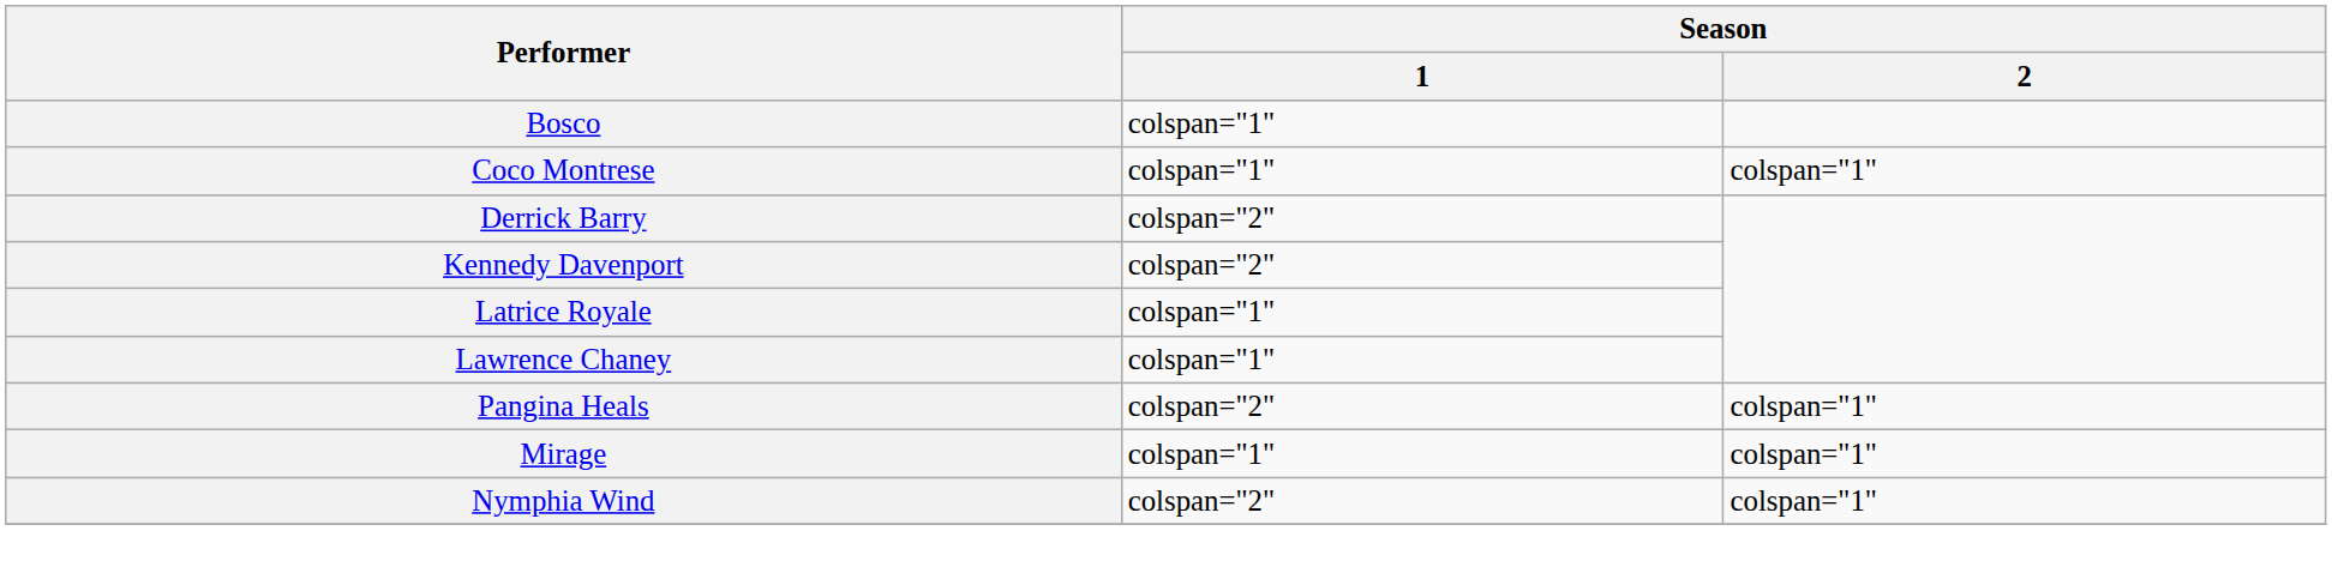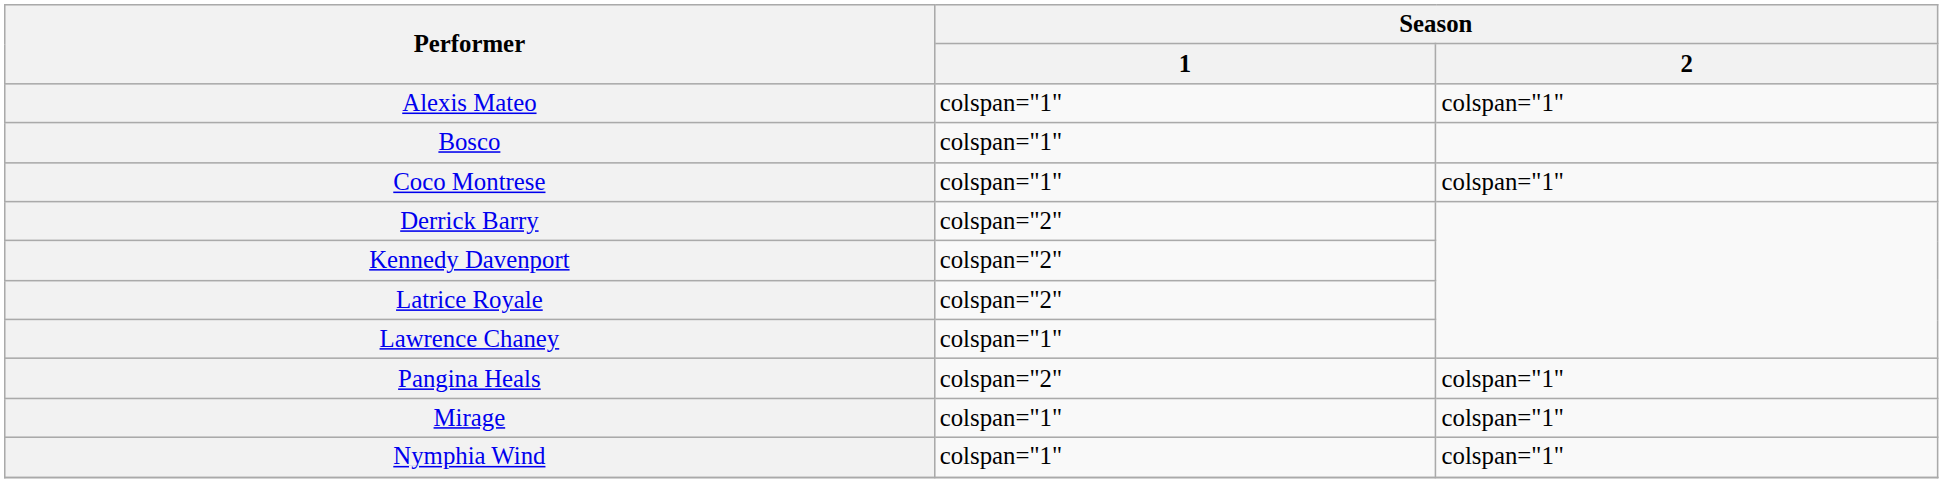 <table class="wikitable style="text-align:center; font-size:85%; width:100%">
 <tr>
 <th rowspan="2" scope="col" style="width:10%;">Performer</th>
 <th colspan="2" scope="col" style="width:10%;">Season</th>
 </tr>
 <tr>
 <th>1</th>
 <th>2</th>
+</tr>
+<tr>
+<th style="font-weight:normal"><a href='#'>Alexis Mateo</a></th>
+<td>colspan="1" </td>
+<td>colspan="1" </td>
 </tr>
 <tr>
 <th style="font-weight:normal"><a href='#'>Bosco</a></th>
 <td>colspan="1" </td>
 </tr>
 <tr>
 <th style="font-weight:normal"><a href='#'>Coco Montrese</a></th>
 <td>colspan="1" </td>
 <td>colspan="1" </td>
 </tr>
 <tr>
 <th style="font-weight:normal"><a href='#'>Derrick Barry</a></th>
 <td>colspan="2" </td>
 </tr>
 <tr>
 <th style="font-weight:normal"><a href='#'>Kennedy Davenport</a></th>
 <td>colspan="2" </td>
 </tr>
 <tr>
 <th style="font-weight:normal"><a href='#'>Latrice Royale</a></th>
-<td>colspan="1" </td>
+<td>colspan="2" </td>
 </tr>
 <tr>
 <th style="font-weight:normal"><a href='#'>Lawrence Chaney</a></th>
 <td>colspan="1" </td>
 </tr>
 <tr>
 <th style="font-weight:normal"><a href='#'>Pangina Heals</a></th>
 <td>colspan="2" </td>
 <td>colspan="1" </td>
 </tr>
 <tr>
 <th style="font-weight:normal"><a href='#'>Mirage</a></th>
 <td>colspan="1" </td>
 <td>colspan="1" </td>
 </tr>
 <tr>
 <th style="font-weight:normal"><a href='#'>Nymphia Wind</a></th>
-<td>colspan="2" </td>
+<td>colspan="1" </td>
 <td>colspan="1" </td>
 </tr>
 <tr>
 </tr>
 </table>
